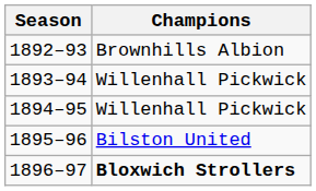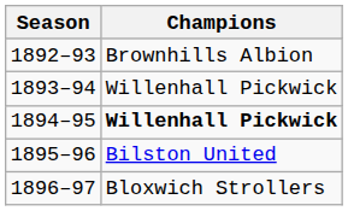 <table class=wikitable>
 <tr>
 <th>Season</th>
 <th>Champions</th>
 </tr>
 <tr>
 <td>1892–93</td>
 <td>Brownhills Albion</td>
 </tr>
 <tr>
 <td>1893–94</td>
 <td>Willenhall Pickwick</td>
 </tr>
 <tr>
 <td>1894–95</td>
-<td>Willenhall Pickwick</td>
+<td><strong>Willenhall Pickwick</strong></td>
 </tr>
 <tr>
 <td>1895–96</td>
 <td><a href='#'>Bilston United</a></td>
 </tr>
 <tr>
 <td>1896–97</td>
-<td><strong>Bloxwich Strollers</strong></td>
+<td>Bloxwich Strollers</td>
 </tr>
 </table>
